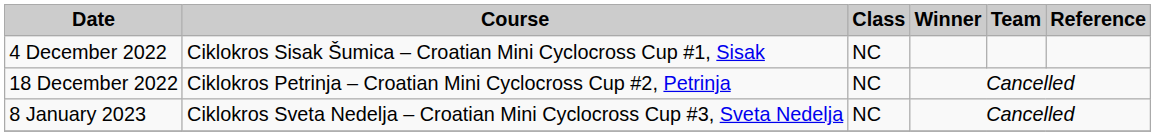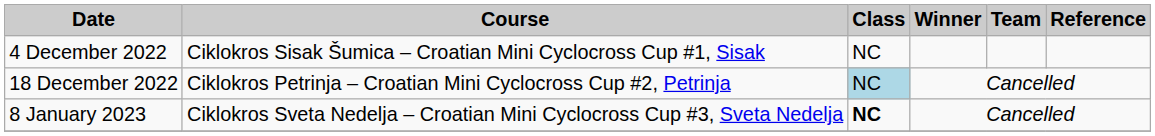 <table class="wikitable sortable alternance ">
 <tr>
 <th scope="col" style="background-color:#CCCCCC;">Date</th>
 <th scope="col" style="background-color:#CCCCCC;">Course</th>
 <th scope="col" style="background-color:#CCCCCC;">Class</th>
 <th scope="col" style="background-color:#CCCCCC;">Winner</th>
 <th scope="col" style="background-color:#CCCCCC;">Team</th>
 <th scope="col" style="background-color:#CCCCCC;">Reference</th>
 </tr>
 <tr>
 <td>4 December 2022</td>
 <td> Ciklokros Sisak Šumica – Croatian Mini Cyclocross Cup #1, <a href='#'>Sisak</a></td>
 <td>NC</td>
 <td></td>
 <td></td>
 <td></td>
 </tr>
 <tr>
 <td>18 December 2022</td>
 <td> Ciklokros Petrinja – Croatian Mini Cyclocross Cup #2, <a href='#'>Petrinja</a></td>
-<td>NC</td>
+<td style="background: lightblue;">NC</td>
 <td colspan="3" align="center"><em>Cancelled</em></td>
 </tr>
 <tr>
 <td>8 January 2023</td>
 <td> Ciklokros Sveta Nedelja – Croatian Mini Cyclocross Cup #3, <a href='#'>Sveta Nedelja</a></td>
-<td>NC</td>
+<td><strong>NC</strong></td>
 <td colspan="3" align="center"><em>Cancelled</em></td>
 </tr>
 <tr>
 </tr>
 </table>
